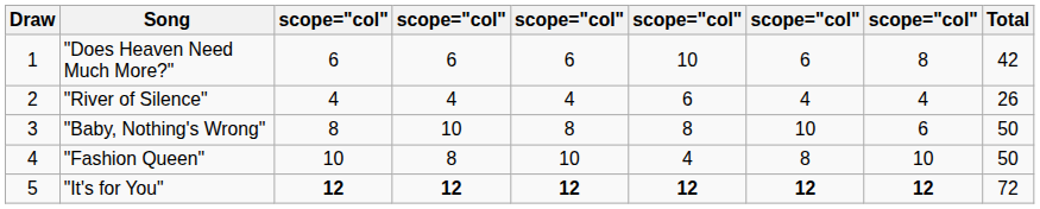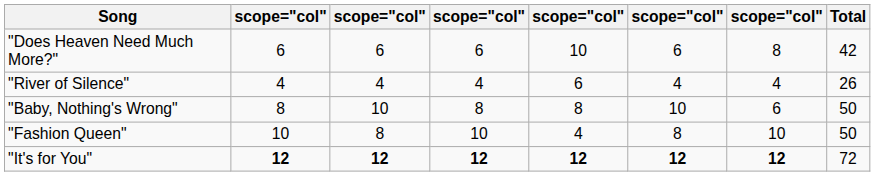 <table class="wikitable collapsible" style="margin: 1em auto 1em auto; text-align:center;">
 <tr>
-<th>Draw</th>
 <th>Song</th>
 <th>scope="col" </th>
 <th>scope="col" </th>
 <th>scope="col" </th>
 <th>scope="col" </th>
 <th>scope="col" </th>
 <th>scope="col" </th>
 <th>Total</th>
 </tr>
 <tr>
-<td>1</td>
 <td align="left">"Does Heaven Need Much More?"</td>
 <td>6</td>
 <td>6</td>
 <td>6</td>
 <td>10</td>
 <td>6</td>
 <td>8</td>
 <td>42</td>
 </tr>
 <tr>
-<td>2</td>
 <td align="left">"River of Silence"</td>
 <td>4</td>
 <td>4</td>
 <td>4</td>
 <td>6</td>
 <td>4</td>
 <td>4</td>
 <td>26</td>
 </tr>
 <tr>
-<td>3</td>
 <td align="left">"Baby, Nothing's Wrong"</td>
 <td>8</td>
 <td>10</td>
 <td>8</td>
 <td>8</td>
 <td>10</td>
 <td>6</td>
 <td>50</td>
 </tr>
 <tr>
-<td>4</td>
 <td align="left">"Fashion Queen"</td>
 <td>10</td>
 <td>8</td>
 <td>10</td>
 <td>4</td>
 <td>8</td>
 <td>10</td>
 <td>50</td>
 </tr>
 <tr>
-<td>5</td>
 <td align="left">"It's for You"</td>
 <td><strong>12</strong></td>
 <td><strong>12</strong></td>
 <td><strong>12</strong></td>
 <td><strong>12</strong></td>
 <td><strong>12</strong></td>
 <td><strong>12</strong></td>
 <td>72</td>
 </tr>
 </table>
